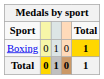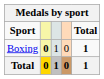 <table class="wikitable" style="font-size:85%; text-align:center">
 <tr style="background:#efefef;">
 <th colspan="7"><strong>Medals by sport</strong></th>
 </tr>
 <tr>
 <td><strong>Sport</strong></td>
 <td bgcolor="#F7F6A8"></td>
 <td bgcolor="#DCE5E5"></td>
 <td bgcolor="#FFDAB9"></td>
 <td><strong>Total</strong></td>
 </tr>
 <tr>
 <td><a href='#'>Boxing</a></td>
-<td style="background:#F7F6A8;">0</td>
+<td style="background:#F7F6A8;"><strong>0</strong></td>
 <td style="background:#DCE5E5;">1</td>
 <td style="background:#FFDAB9;">0</td>
-<td style="background: gold;"><strong>1</strong></td>
+<td><strong>1</strong></td>
 </tr>
 <tr>
 <th><strong>Total</strong></th>
 <th style="background:gold;"><strong>0</strong></th>
 <th style="background:silver;"><strong>1</strong></th>
 <th style="background:#c96;"><strong>0</strong></th>
 <th><strong>1</strong></th>
 </tr>
 </table>
